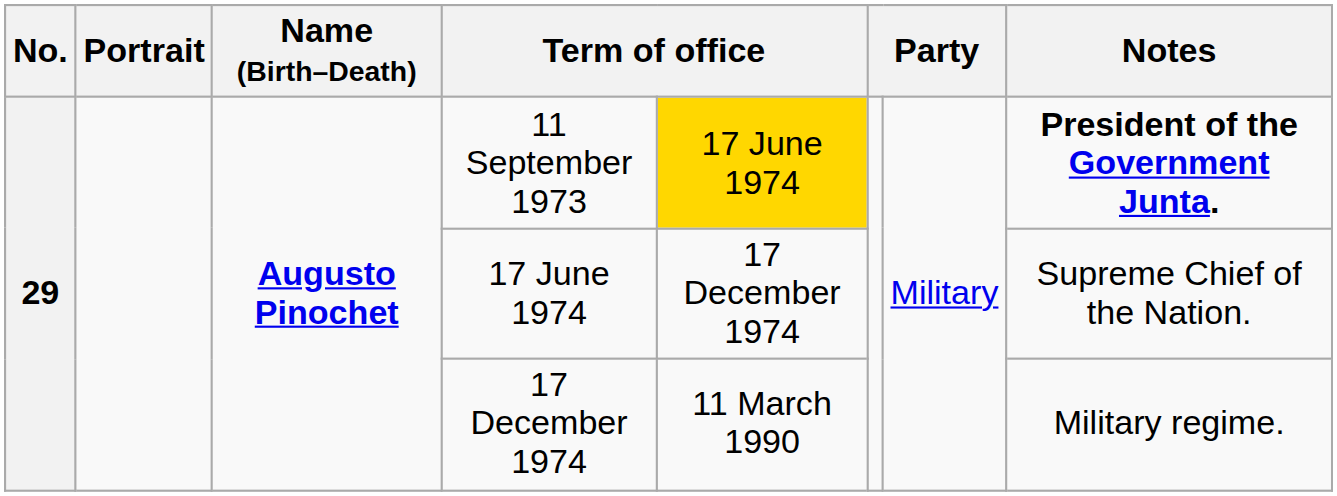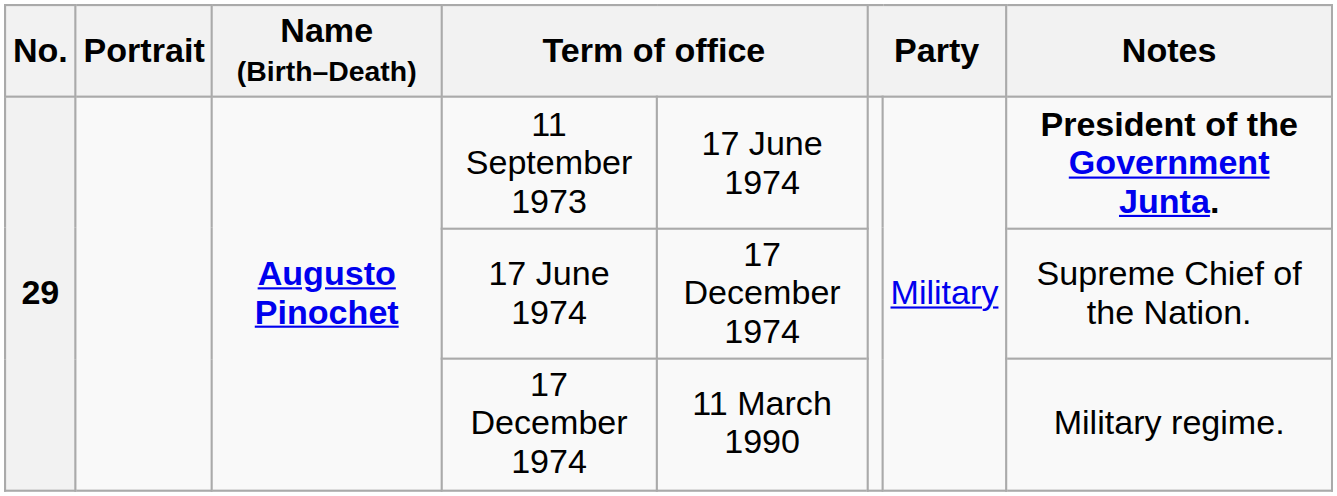 <table class="wikitable" width="100%" style="text-align: center;">
 <tr>
 <th width="2%">No.</th>
 <th width="5%">Portrait</th>
 <th width="20%">Name<br><small>(Birth–Death)</small></th>
 <th colspan="2" width="35%">Term of office</th>
 <th width="5%" colspan=2>Party</th>
 <th width="29%">Notes</th>
 </tr>
 <tr>
 <th rowspan="3">29</th>
 <td rowspan="3"></td>
 <td rowspan="3"><strong><a href='#'>Augusto Pinochet</a></strong><br></td>
 <td>11 September 1973</td>
-<td style="background: gold;">17 June 1974</td>
+<td>17 June 1974</td>
 <td rowspan="3" style="background-color:"></td>
 <td rowspan="3"><a href='#'>Military</a></td>
 <td><strong>President of the <a href='#'>Government Junta</a>.</strong></td>
 </tr>
 <tr>
 <td>17 June 1974</td>
 <td>17 December 1974</td>
 <td>Supreme Chief of the Nation.</td>
 </tr>
 <tr>
 <td>17 December 1974</td>
 <td>11 March 1990</td>
 <td>Military regime.</td>
 </tr>
 </table>
